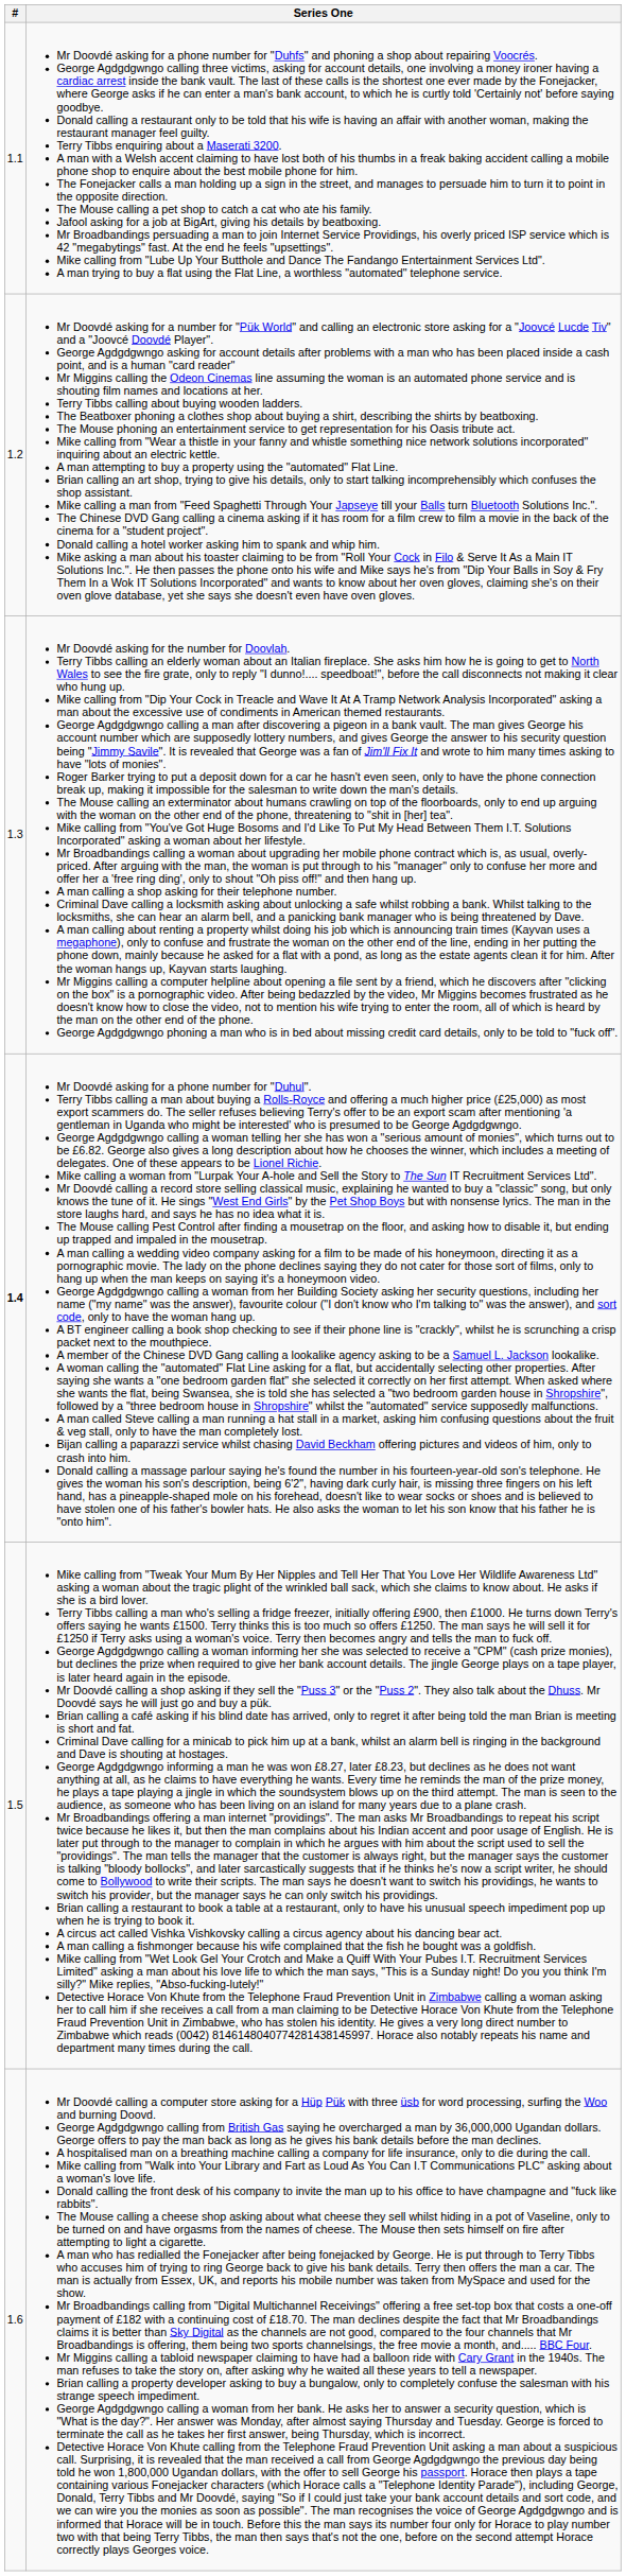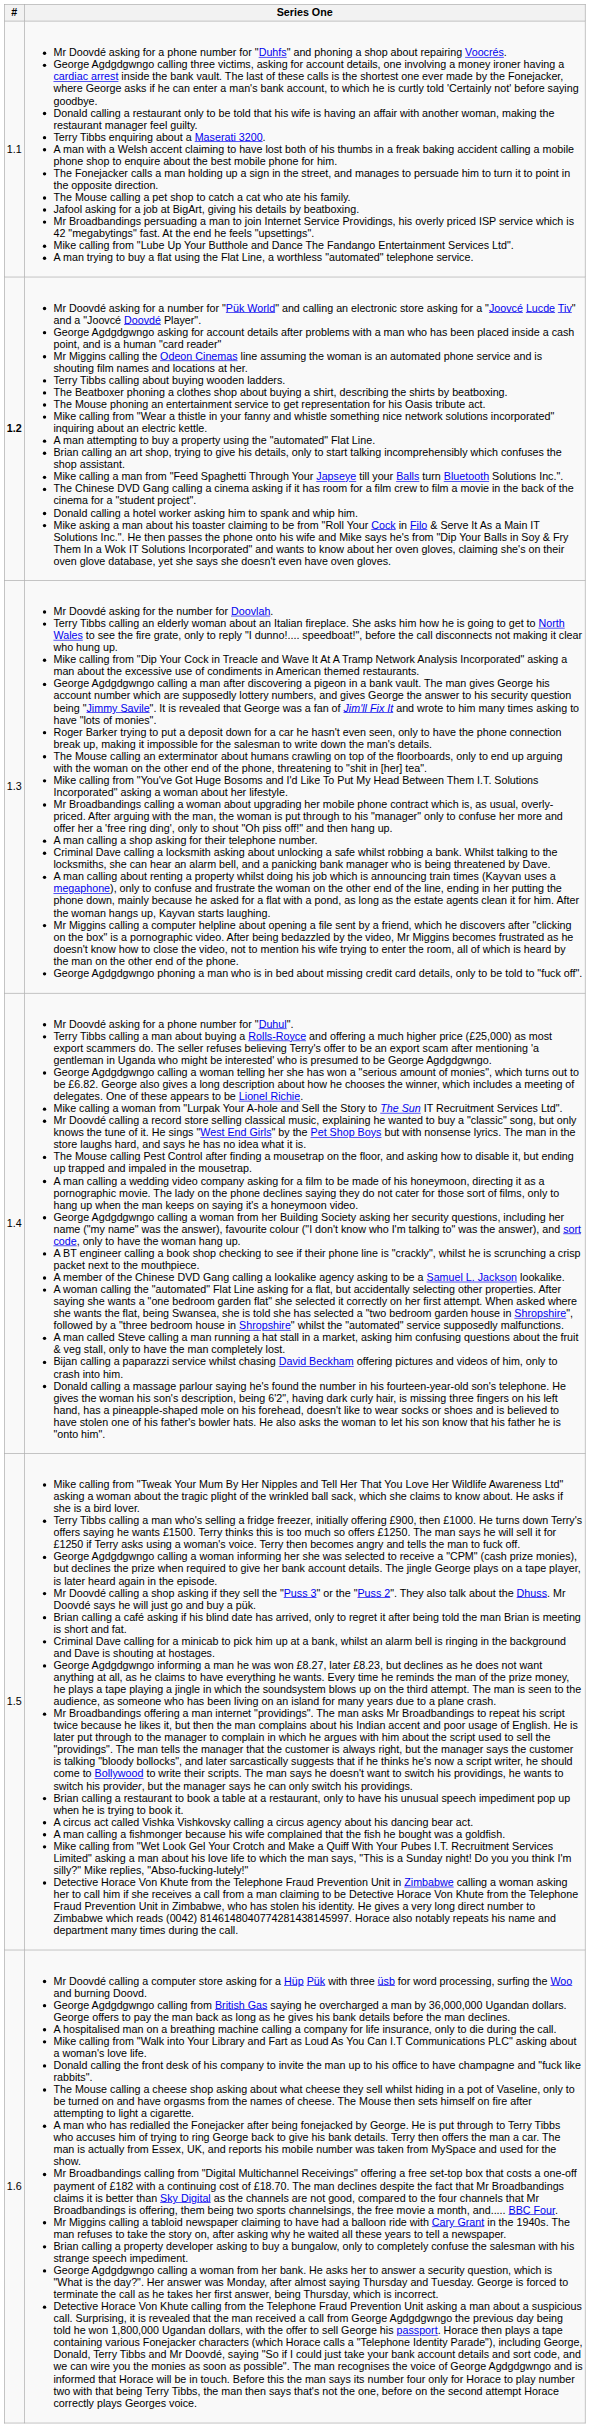 <table class="wikitable">
 <tr>
 <th>#</th>
 <th>Series One</th>
 </tr>
 <tr>
 <td>1.1</td>
 <td><br><ul><li>Mr Doovdé asking for a phone number for "<a href='#'>Duhfs</a>" and phoning a shop about repairing <a href='#'>Voocrés</a>.</li><li>George Agdgdgwngo calling three victims, asking for account details, one involving a money ironer having a <a href='#'>cardiac arrest</a> inside the bank vault. The last of these calls is the shortest one ever made by the Fonejacker, where George asks if he can enter a man's bank account, to which he is curtly told 'Certainly not' before saying goodbye.</li><li>Donald calling a restaurant only to be told that his wife is having an affair with another woman, making the restaurant manager feel guilty.</li><li>Terry Tibbs enquiring about a <a href='#'>Maserati 3200</a>.</li><li>A man with a Welsh accent claiming to have lost both of his thumbs in a freak baking accident calling a mobile phone shop to enquire about the best mobile phone for him.</li><li>The Fonejacker calls a man holding up a sign in the street, and manages to persuade him to turn it to point in the opposite direction.</li><li>The Mouse calling a pet shop to catch a cat who ate his family.</li><li>Jafool asking for a job at BigArt, giving his details by beatboxing.</li><li>Mr Broadbandings persuading a man to join Internet Service Providings, his overly priced ISP service which is 42 "megabytings" fast. At the end he feels "upsettings".</li><li>Mike calling from "Lube Up Your Butthole and Dance The Fandango Entertainment Services Ltd".</li><li>A man trying to buy a flat using the Flat Line, a worthless "automated" telephone service.</li></ul></td>
 </tr>
 <tr>
-<td>1.2</td>
+<td><strong>1.2</strong></td>
 <td><br><ul><li>Mr Doovdé asking for a number for "<a href='#'>Pük World</a>" and calling an electronic store asking for a "<a href='#'>Joovcé</a> <a href='#'>Lucde</a> <a href='#'>Tiv</a>" and a "Joovcé <a href='#'>Doovdé</a> Player".</li><li>George Agdgdgwngo asking for account details after problems with a man who has been placed inside a cash point, and is a human "card reader"</li><li>Mr Miggins calling the <a href='#'>Odeon Cinemas</a> line assuming the woman is an automated phone service and is shouting film names and locations at her.</li><li>Terry Tibbs calling about buying wooden ladders.</li><li>The Beatboxer phoning a clothes shop about buying a shirt, describing the shirts by beatboxing.</li><li>The Mouse phoning an entertainment service to get representation for his Oasis tribute act.</li><li>Mike calling from "Wear a thistle in your fanny and whistle something nice network solutions incorporated" inquiring about an electric kettle.</li><li>A man attempting to buy a property using the "automated" Flat Line.</li><li>Brian calling an art shop, trying to give his details, only to start talking incomprehensibly which confuses the shop assistant.</li><li>Mike calling a man from "Feed Spaghetti Through Your <a href='#'>Japseye</a> till your <a href='#'>Balls</a> turn <a href='#'>Bluetooth</a> Solutions Inc.".</li><li>The Chinese DVD Gang calling a cinema asking if it has room for a film crew to film a movie in the back of the cinema for a "student project".</li><li>Donald calling a hotel worker asking him to spank and whip him.</li><li>Mike asking a man about his toaster claiming to be from "Roll Your <a href='#'>Cock</a> in <a href='#'>Filo</a> & Serve It As a Main IT Solutions Inc.". He then passes the phone onto his wife and Mike says he's from "Dip Your Balls in Soy & Fry Them In a Wok IT Solutions Incorporated" and wants to know about her oven gloves, claiming she's on their oven glove database, yet she says she doesn't even have oven gloves.</li></ul></td>
 </tr>
 <tr>
 <td>1.3</td>
 <td><br><ul><li>Mr Doovdé asking for the number for <a href='#'>Doovlah</a>.</li><li>Terry Tibbs calling an elderly woman about an Italian fireplace. She asks him how he is going to get to <a href='#'>North Wales</a> to see the fire grate, only to reply "I dunno!.... speedboat!", before the call disconnects not making it clear who hung up.</li><li>Mike calling from "Dip Your Cock in Treacle and Wave It At A Tramp Network Analysis Incorporated" asking a man about the excessive use of condiments in American themed restaurants.</li><li>George Agdgdgwngo calling a man after discovering a pigeon in a bank vault. The man gives George his account number which are supposedly lottery numbers, and gives George the answer to his security question being "<a href='#'>Jimmy Savile</a>". It is revealed that George was a fan of <em><a href='#'>Jim'll Fix It</a></em> and wrote to him many times asking to have "lots of monies".</li><li>Roger Barker trying to put a deposit down for a car he hasn't even seen, only to have the phone connection break up, making it impossible for the salesman to write down the man's details.</li><li>The Mouse calling an exterminator about humans crawling on top of the floorboards, only to end up arguing with the woman on the other end of the phone, threatening to "shit in [her] tea".</li><li>Mike calling from "You've Got Huge Bosoms and I'd Like To Put My Head Between Them I.T. Solutions Incorporated" asking a woman about her lifestyle.</li><li>Mr Broadbandings calling a woman about upgrading her mobile phone contract which is, as usual, overly-priced. After arguing with the man, the woman is put through to his "manager" only to confuse her more and offer her a 'free ring ding', only to shout "Oh piss off!" and then hang up.</li><li>A man calling a shop asking for their telephone number.</li><li>Criminal Dave calling a locksmith asking about unlocking a safe whilst robbing a bank. Whilst talking to the locksmiths, she can hear an alarm bell, and a panicking bank manager who is being threatened by Dave.</li><li>A man calling about renting a property whilst doing his job which is announcing train times (Kayvan uses a <a href='#'>megaphone</a>), only to confuse and frustrate the woman on the other end of the line, ending in her putting the phone down, mainly because he asked for a flat with a pond, as long as the estate agents clean it for him. After the woman hangs up, Kayvan starts laughing.</li><li>Mr Miggins calling a computer helpline about opening a file sent by a friend, which he discovers after "clicking on the box" is a pornographic video. After being bedazzled by the video, Mr Miggins becomes frustrated as he doesn't know how to close the video, not to mention his wife trying to enter the room, all of which is heard by the man on the other end of the phone.</li><li>George Agdgdgwngo phoning a man who is in bed about missing credit card details, only to be told to "fuck off".</li></ul></td>
 </tr>
 <tr>
-<td><strong>1.4</strong></td>
+<td>1.4</td>
 <td><br><ul><li>Mr Doovdé asking for a phone number for "<a href='#'>Duhul</a>".</li><li>Terry Tibbs calling a man about buying a <a href='#'>Rolls-Royce</a> and offering a much higher price (£25,000) as most export scammers do. The seller refuses believing Terry's offer to be an export scam after mentioning 'a gentleman in Uganda who might be interested' who is presumed to be George Agdgdgwngo.</li><li>George Agdgdgwngo calling a woman telling her she has won a "serious amount of monies", which turns out to be £6.82. George also gives a long description about how he chooses the winner, which includes a meeting of delegates. One of these appears to be <a href='#'>Lionel Richie</a>.</li><li>Mike calling a woman from "Lurpak Your A-hole and Sell the Story to <em><a href='#'>The Sun</a></em> IT Recruitment Services Ltd".</li><li>Mr Doovdé calling a record store selling classical music, explaining he wanted to buy a "classic" song, but only knows the tune of it. He sings "<a href='#'>West End Girls</a>" by the <a href='#'>Pet Shop Boys</a> but with nonsense lyrics. The man in the store laughs hard, and says he has no idea what it is.</li><li>The Mouse calling Pest Control after finding a mousetrap on the floor, and asking how to disable it, but ending up trapped and impaled in the mousetrap.</li><li>A man calling a wedding video company asking for a film to be made of his honeymoon, directing it as a pornographic movie. The lady on the phone declines saying they do not cater for those sort of films, only to hang up when the man keeps on saying it's a honeymoon video.</li><li>George Agdgdgwngo calling a woman from her Building Society asking her security questions, including her name ("my name" was the answer), favourite colour ("I don't know who I'm talking to" was the answer), and <a href='#'>sort code</a>, only to have the woman hang up.</li><li>A BT engineer calling a book shop checking to see if their phone line is "crackly", whilst he is scrunching a crisp packet next to the mouthpiece.</li><li>A member of the Chinese DVD Gang calling a lookalike agency asking to be a <a href='#'>Samuel L. Jackson</a> lookalike.</li><li>A woman calling the "automated" Flat Line asking for a flat, but accidentally selecting other properties. After saying she wants a "one bedroom garden flat" she selected it correctly on her first attempt. When asked where she wants the flat, being Swansea, she is told she has selected a "two bedroom garden house in <a href='#'>Shropshire</a>", followed by a "three bedroom house in <a href='#'>Shropshire</a>" whilst the "automated" service supposedly malfunctions.</li><li>A man called Steve calling a man running a hat stall in a market, asking him confusing questions about the fruit & veg stall, only to have the man completely lost.</li><li>Bijan calling a paparazzi service whilst chasing <a href='#'>David Beckham</a> offering pictures and videos of him, only to crash into him.</li><li>Donald calling a massage parlour saying he's found the number in his fourteen-year-old son's telephone. He gives the woman his son's description, being 6'2", having dark curly hair, is missing three fingers on his left hand, has a pineapple-shaped mole on his forehead, doesn't like to wear socks or shoes and is believed to have stolen one of his father's bowler hats. He also asks the woman to let his son know that his father he is "onto him".</li></ul></td>
 </tr>
 <tr>
 <td>1.5</td>
 <td><br><ul><li>Mike calling from "Tweak Your Mum By Her Nipples and Tell Her That You Love Her Wildlife Awareness Ltd" asking a woman about the tragic plight of the wrinkled ball sack, which she claims to know about. He asks if she is a bird lover.</li><li>Terry Tibbs calling a man who's selling a fridge freezer, initially offering £900, then £1000. He turns down Terry's offers saying he wants £1500. Terry thinks this is too much so offers £1250. The man says he will sell it for £1250 if Terry asks using a woman's voice. Terry then becomes angry and tells the man to fuck off.</li><li>George Agdgdgwngo calling a woman informing her she was selected to receive a "CPM" (cash prize monies), but declines the prize when required to give her bank account details. The jingle George plays on a tape player, is later heard again in the episode.</li><li>Mr Doovdé calling a shop asking if they sell the "<a href='#'>Puss 3</a>" or the "<a href='#'>Puss 2</a>". They also talk about the <a href='#'>Dhuss</a>. Mr Doovdé says he will just go and buy a pük.</li><li>Brian calling a café asking if his blind date has arrived, only to regret it after being told the man Brian is meeting is short and fat.</li><li>Criminal Dave calling for a minicab to pick him up at a bank, whilst an alarm bell is ringing in the background and Dave is shouting at hostages.</li><li>George Agdgdgwngo informing a man he was won £8.27, later £8.23, but declines as he does not want anything at all, as he claims to have everything he wants. Every time he reminds the man of the prize money, he plays a tape playing a jingle in which the soundsystem blows up on the third attempt. The man is seen to the audience, as someone who has been living on an island for many years due to a plane crash.</li><li>Mr Broadbandings offering a man internet "providings". The man asks Mr Broadbandings to repeat his script twice because he likes it, but then the man complains about his Indian accent and poor usage of English. He is later put through to the manager to complain in which he argues with him about the script used to sell the "providings". The man tells the manager that the customer is always right, but the manager says the customer is talking "bloody bollocks", and later sarcastically suggests that if he thinks he's now a script writer, he should come to <a href='#'>Bollywood</a> to write their scripts. The man says he doesn't want to switch his providings, he wants to switch his provid<em>er</em>, but the manager says he can only switch his providings.</li><li>Brian calling a restaurant to book a table at a restaurant, only to have his unusual speech impediment pop up when he is trying to book it.</li><li>A circus act called Vishka Vishkovsky calling a circus agency about his dancing bear act.</li><li>A man calling a fishmonger because his wife complained that the fish he bought was a goldfish.</li><li>Mike calling from "Wet Look Gel Your Crotch and Make a Quiff With Your Pubes I.T. Recruitment Services Limited" asking a man about his love life to which the man says, "This is a Sunday night!  Do you you think I'm silly?"  Mike replies, "Abso-fucking-lutely!"</li><li>Detective Horace Von Khute from the Telephone Fraud Prevention Unit in <a href='#'>Zimbabwe</a> calling a woman asking her to call him if she receives a call from a man claiming to be Detective Horace Von Khute from the Telephone Fraud Prevention Unit in Zimbabwe, who has stolen his identity. He gives a very long direct number to Zimbabwe which reads (0042) 8146148040774281438145997. Horace also notably repeats his name and department many times during the call.</li></ul></td>
 </tr>
 <tr>
 <td>1.6</td>
 <td><br><ul><li>Mr Doovdé calling a computer store asking for a <a href='#'>Hüp</a> <a href='#'>Pük</a>  with three <a href='#'>üsb</a> for word processing, surfing the <a href='#'>Woo</a> and burning Doovd.</li><li>George Agdgdgwngo calling from <a href='#'>British Gas</a> saying he overcharged a man by 36,000,000 Ugandan dollars. George offers to pay the man back as long as he gives his bank details before the man declines.</li><li>A hospitalised man on a breathing machine calling a company for life insurance, only to die during the call.</li><li>Mike calling from "Walk into Your Library and Fart as Loud As You Can I.T Communications PLC" asking about a woman's love life.</li><li>Donald calling the front desk of his company to invite the man up to his office to have champagne and "fuck like rabbits".</li><li>The Mouse calling a cheese shop asking about what cheese they sell whilst hiding in a pot of Vaseline, only to be turned on and have orgasms from the names of cheese. The Mouse then sets himself on fire after attempting to light a cigarette.</li><li>A man who has redialled the Fonejacker after being fonejacked by George. He is put through to Terry Tibbs who accuses him of trying to ring George back to give his bank details. Terry then offers the man a car. The man is actually from Essex, UK, and reports his mobile number was taken from MySpace and used for the show.</li><li>Mr Broadbandings calling from "Digital Multichannel Receivings" offering a free set-top box that costs a one-off payment of £182 with a continuing cost of £18.70. The man declines despite the fact that Mr Broadbandings claims it is better than <a href='#'>Sky Digital</a> as the channels are not good, compared to the four channels that Mr Broadbandings is offering, them being two sports channelsings, the free movie a month, and..... <a href='#'>BBC Four</a>.</li><li>Mr Miggins calling a tabloid newspaper claiming to have had a balloon ride with <a href='#'>Cary Grant</a> in the 1940s. The man refuses to take the story on, after asking why he waited all these years to tell a newspaper.</li><li>Brian calling a property developer asking to buy a bungalow, only to completely confuse the salesman with his strange speech impediment.</li><li>George Agdgdgwngo calling a woman from her bank. He asks her to answer a security question, which is "What is the day?". Her answer was Monday, after almost saying Thursday and Tuesday. George is forced to terminate the call as he takes her first answer, being Thursday, which is incorrect.</li><li>Detective Horace Von Khute calling from the Telephone Fraud Prevention Unit asking a man about a suspicious call. Surprising, it is revealed that the man received a call from George Agdgdgwngo the previous day being told he won 1,800,000 Ugandan dollars, with the offer to sell George his <a href='#'>passport</a>. Horace then plays a tape containing various Fonejacker characters (which Horace calls a "Telephone Identity Parade"), including George, Donald, Terry Tibbs and Mr Doovdé, saying "So if I could just take your bank account details and sort code, and we can wire you the monies as soon as possible". The man recognises the voice of George Agdgdgwngo and is informed that Horace will be in touch. Before this the man says its number four only for Horace to play number two with that being Terry Tibbs, the man then says that's not the one, before on the second attempt Horace correctly plays Georges voice.</li></ul></td>
 </tr>
 </table>
